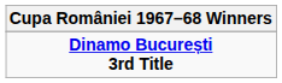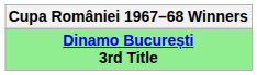 <table class="wikitable" style="text-align: center; margin: 0 auto;">
 <tr>
 <th>Cupa României 1967–68 Winners</th>
 </tr>
 <tr>
 </tr>
 <tr>
-<td><strong><a href='#'>Dinamo București</a></strong><br><strong>3rd Title</strong></td>
+<td style="background: lightgreen;"><strong><a href='#'>Dinamo București</a></strong><br><strong>3rd Title</strong></td>
 </tr>
 </table>
